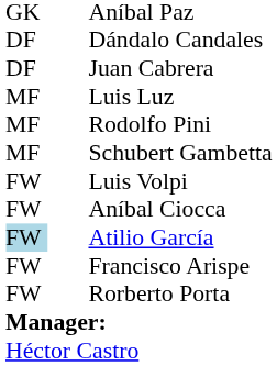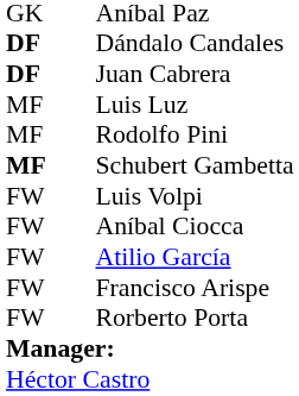 <table cellspacing="0" cellpadding="0" style="font-size:90%; margin:0.2em auto;">
 <tr>
 <th width="25"></th>
 <th width="25"></th>
 </tr>
 <tr>
 <td>GK</td>
 <td></td>
 <td>  Aníbal Paz</td>
 </tr>
 <tr>
-<td>DF</td>
+<td><strong>DF</strong></td>
 <td></td>
 <td> Dándalo Candales</td>
 </tr>
 <tr>
-<td>DF</td>
+<td><strong>DF</strong></td>
 <td></td>
 <td> Juan Cabrera</td>
 </tr>
 <tr>
 <td>MF</td>
 <td></td>
 <td> Luis Luz</td>
 </tr>
 <tr>
 <td>MF</td>
 <td></td>
 <td> Rodolfo Pini</td>
 </tr>
 <tr>
-<td>MF</td>
+<td><strong>MF</strong></td>
 <td></td>
 <td> Schubert Gambetta</td>
 </tr>
 <tr>
 <td>FW</td>
 <td></td>
 <td> Luis Volpi</td>
 </tr>
 <tr>
 <td>FW</td>
 <td></td>
 <td> Aníbal Ciocca</td>
 </tr>
 <tr>
-<td style="background: lightblue;">FW</td>
+<td>FW</td>
 <td></td>
 <td> <a href='#'>Atilio García</a></td>
 </tr>
 <tr>
 <td>FW</td>
 <td></td>
 <td> Francisco Arispe</td>
 </tr>
 <tr>
 <td>FW</td>
 <td></td>
 <td> Rorberto Porta</td>
 </tr>
 <tr>
 <td colspan=3><strong>Manager:</strong></td>
 </tr>
 <tr>
 <td colspan=4> <a href='#'>Héctor Castro</a></td>
 </tr>
 </table>
